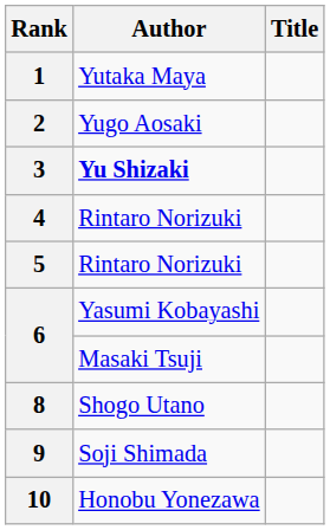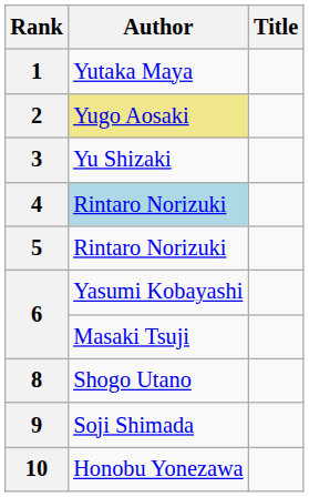 <table class="wikitable sortable" style="font-size:1.00em; line-height:1.5em;">
 <tr>
 <th>Rank</th>
 <th>Author</th>
 <th>Title</th>
 </tr>
 <tr>
 <th>1</th>
 <td><a href='#'>Yutaka Maya</a></td>
 <td></td>
 </tr>
 <tr>
 <th>2</th>
-<td><a href='#'>Yugo Aosaki</a></td>
+<td style="background: khaki;"><a href='#'>Yugo Aosaki</a></td>
 <td></td>
 </tr>
 <tr>
 <th>3</th>
-<td><strong><a href='#'>Yu Shizaki</a></strong></td>
+<td><a href='#'>Yu Shizaki</a></td>
 <td></td>
 </tr>
 <tr>
 <th>4</th>
-<td><a href='#'>Rintaro Norizuki</a></td>
+<td style="background: lightblue;"><a href='#'>Rintaro Norizuki</a></td>
 <td></td>
 </tr>
 <tr>
 <th>5</th>
 <td><a href='#'>Rintaro Norizuki</a></td>
 <td></td>
 </tr>
 <tr>
 <th rowspan="2">6</th>
 <td><a href='#'>Yasumi Kobayashi</a></td>
 <td></td>
 </tr>
 <tr>
 <td><a href='#'>Masaki Tsuji</a></td>
 <td></td>
 </tr>
 <tr>
 <th>8</th>
 <td><a href='#'>Shogo Utano</a></td>
 <td></td>
 </tr>
 <tr>
 <th>9</th>
 <td><a href='#'>Soji Shimada</a></td>
 <td></td>
 </tr>
 <tr>
 <th>10</th>
 <td><a href='#'>Honobu Yonezawa</a></td>
 <td></td>
 </tr>
 </table>
